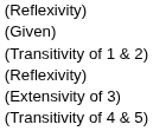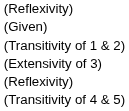 <table>
 <tr>
 <td></td>
 <td>(Reflexivity)</td>
 </tr>
 <tr>
 <td></td>
 <td>(Given)</td>
 </tr>
 <tr>
 <td></td>
 <td>(Transitivity of 1 & 2)</td>
 </tr>
 <tr>
 <td></td>
-<td>(Reflexivity)</td>
+<td>(Extensivity of 3)</td>
 </tr>
 <tr>
 <td></td>
-<td>(Extensivity of 3)</td>
+<td>(Reflexivity)</td>
 </tr>
 <tr>
 <td></td>
 <td>(Transitivity of 4 & 5)</td>
 </tr>
 </table>
